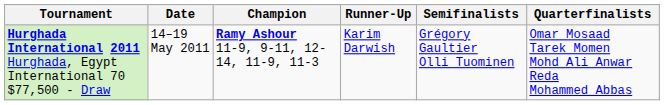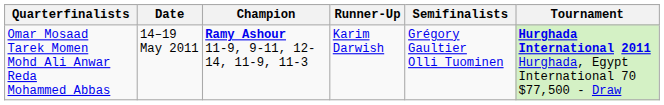 <table class="wikitable" style="font-size:88%">
 <tr>
-<th>Tournament</th>
+<th>Quarterfinalists</th>
 <th>Date</th>
 <th>Champion</th>
 <th>Runner-Up</th>
 <th>Semifinalists</th>
-<th>Quarterfinalists</th>
+<th>Tournament</th>
 </tr>
 <tr valign=top>
-<td style="background:#D4F1C5;"><strong><a href='#'>Hurghada International</a> <a href='#'>2011</a></strong><br> <a href='#'>Hurghada</a>, Egypt<br>International 70<br>$77,500 - <a href='#'>Draw</a></td>
+<td> <a href='#'>Omar Mosaad</a><br> <a href='#'>Tarek Momen</a><br> <a href='#'>Mohd Ali Anwar Reda</a><br> <a href='#'>Mohammed Abbas</a></td>
 <td>14–19 May 2011</td>
 <td> <strong><a href='#'>Ramy Ashour</a></strong><br>11-9, 9-11, 12-14, 11-9, 11-3</td>
 <td> <a href='#'>Karim Darwish</a></td>
 <td> <a href='#'>Grégory Gaultier</a><br> <a href='#'>Olli Tuominen</a></td>
-<td> <a href='#'>Omar Mosaad</a><br> <a href='#'>Tarek Momen</a><br> <a href='#'>Mohd Ali Anwar Reda</a><br> <a href='#'>Mohammed Abbas</a></td>
+<td style="background:#D4F1C5;"><strong><a href='#'>Hurghada International</a> <a href='#'>2011</a></strong><br> <a href='#'>Hurghada</a>, Egypt<br>International 70<br>$77,500 - <a href='#'>Draw</a></td>
 </tr>
 </table>
